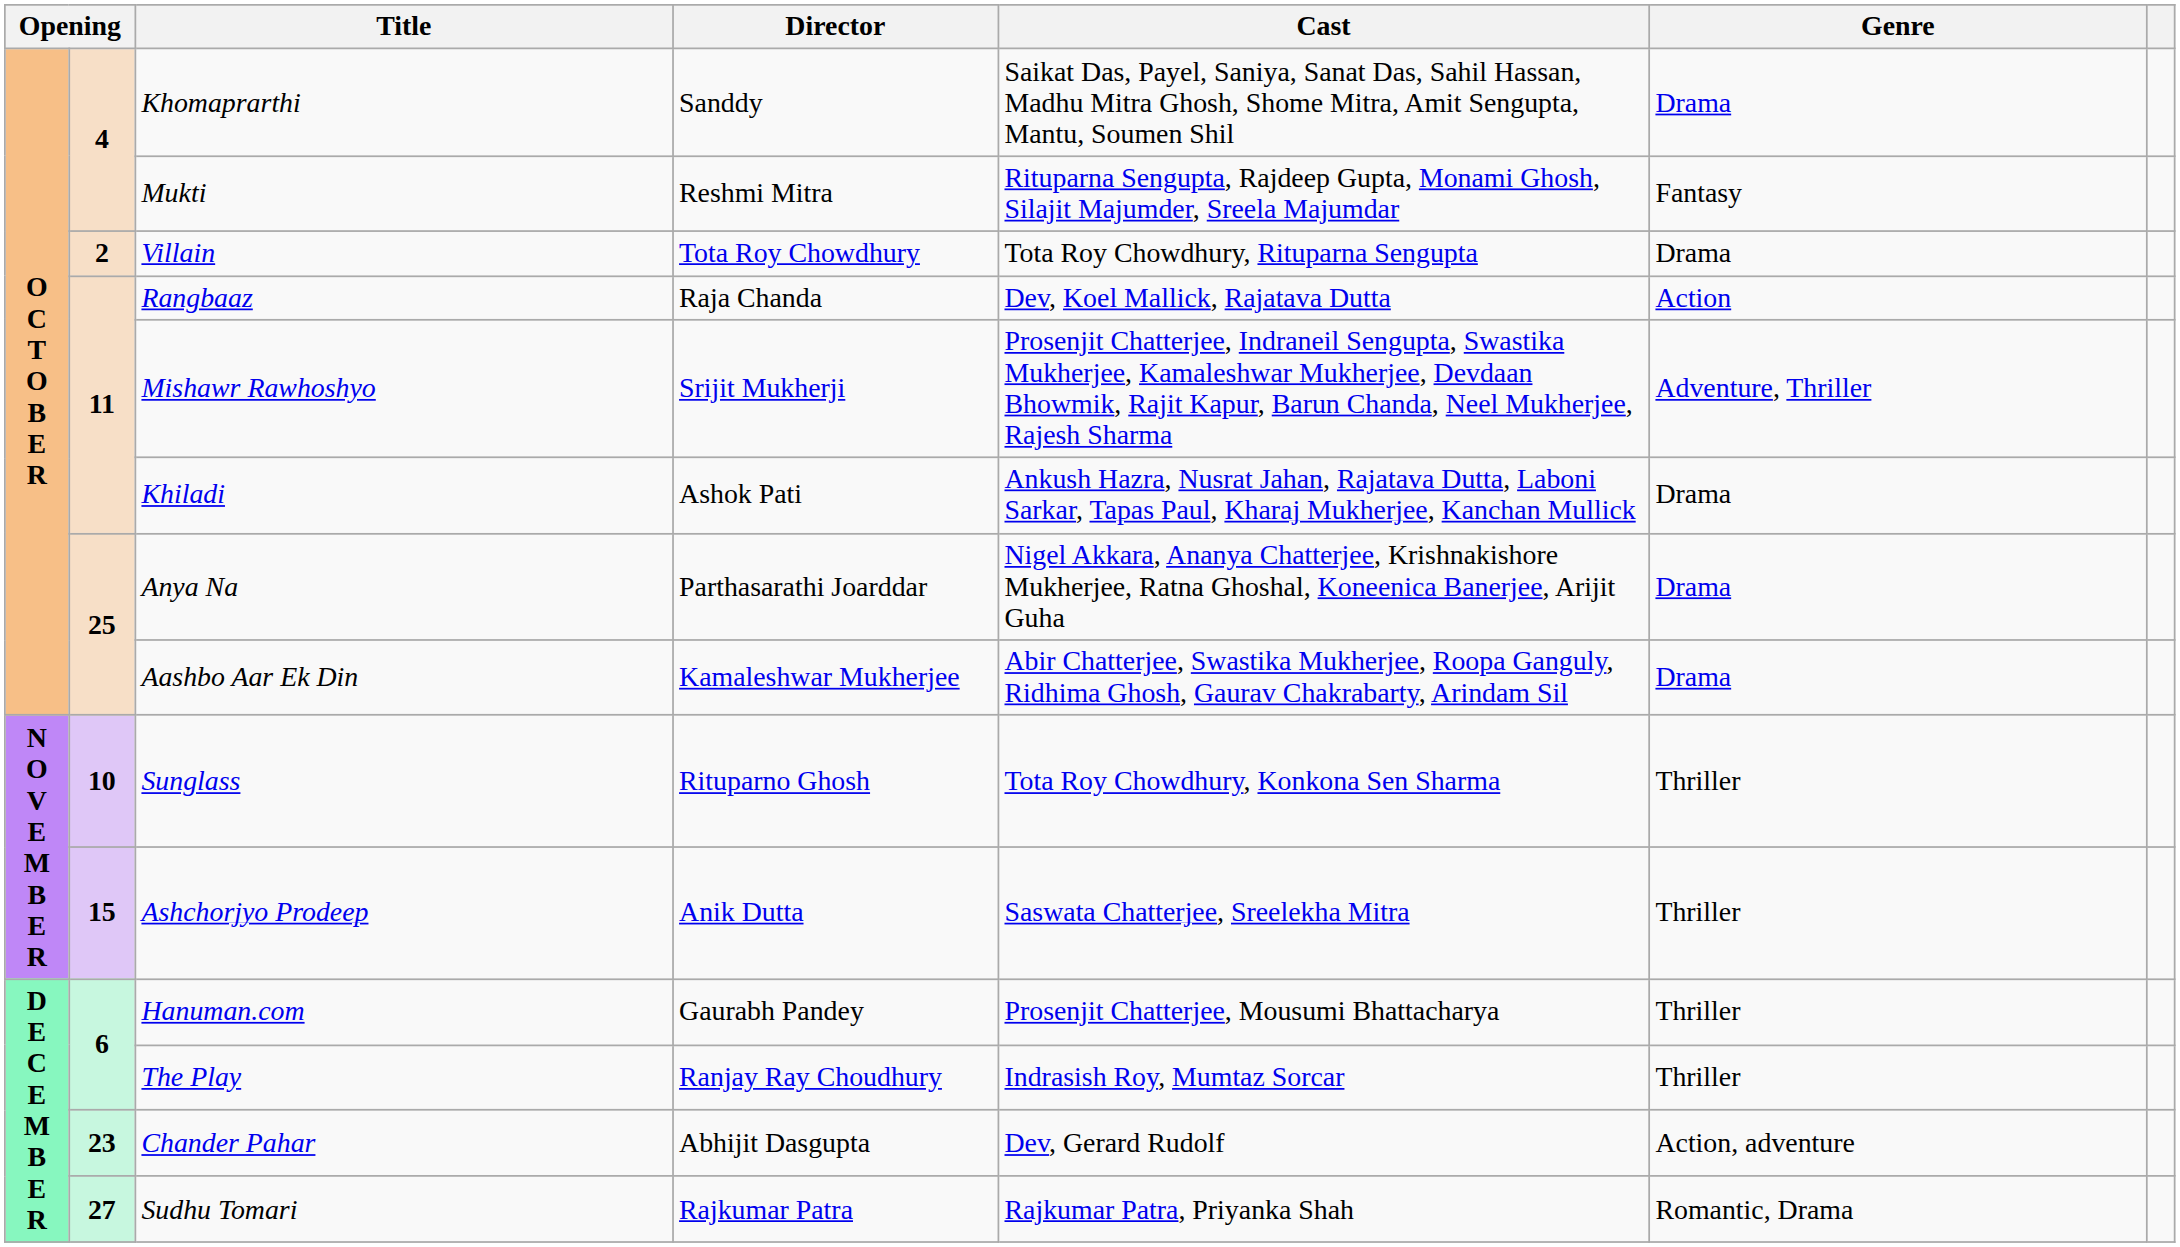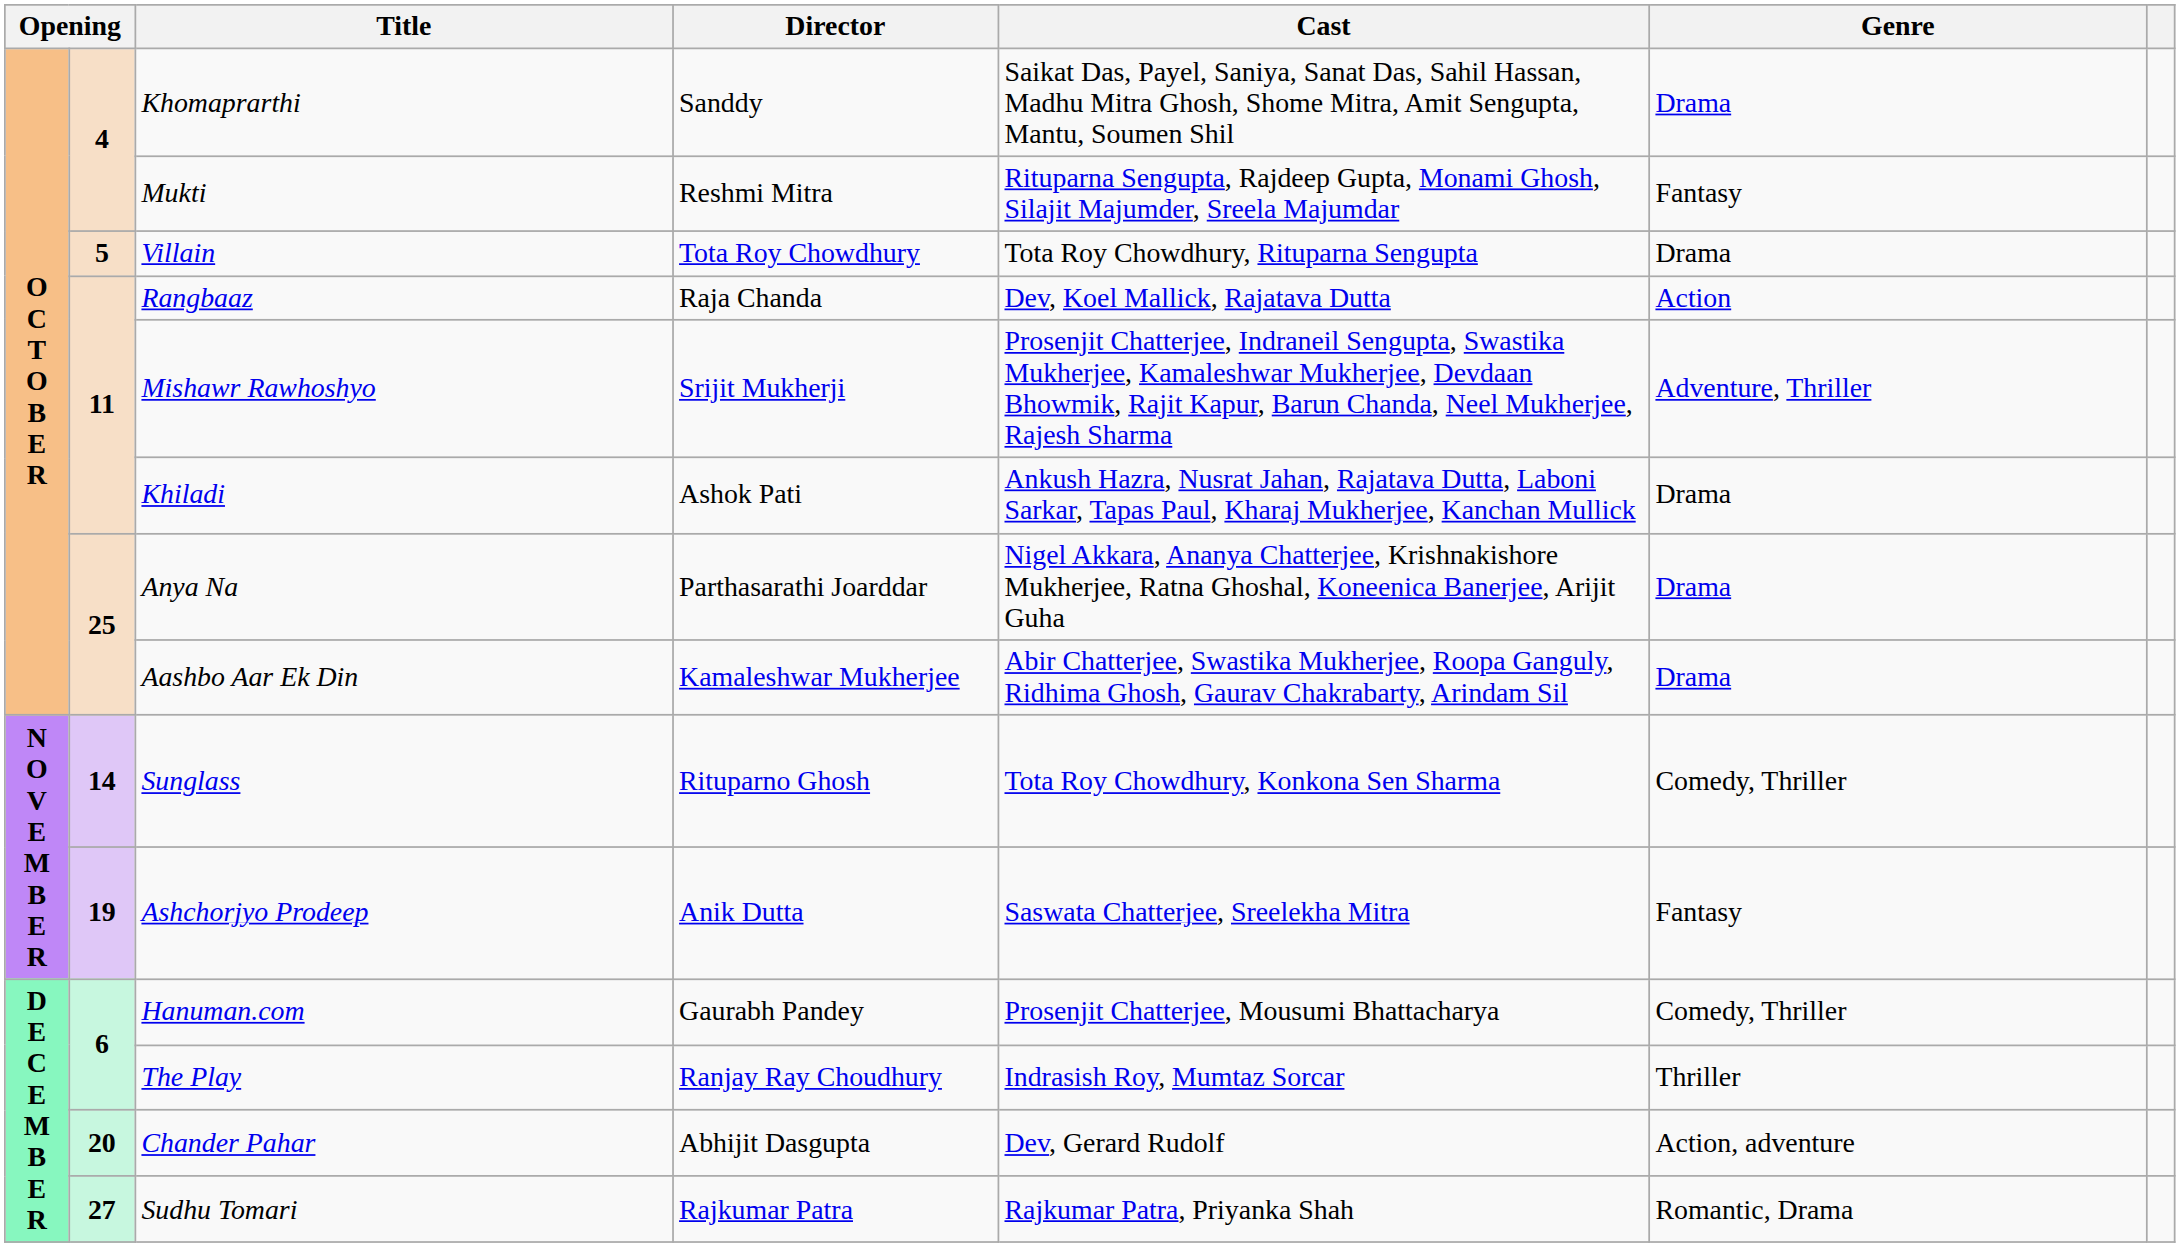 <table class="wikitable sortable">
 <tr>
 <th colspan="2" style="width:6%;">Opening</th>
 <th>Title</th>
 <th style="width:15%;">Director</th>
 <th style="width:30%;">Cast</th>
 <th>Genre</th>
 <th></th>
 </tr>
 <tr>
 <th rowspan="8" style="text-align:center; background:#f7bf87;">O<br>C<br>T<br>O<br>B<br>E<br>R</th>
 <td rowspan="2" style="text-align:center; textcolor:#000; background:#f7dfc7;"><strong>4</strong></td>
 <td><em>Khomaprarthi</em></td>
 <td>Sanddy</td>
 <td>Saikat Das, Payel, Saniya, Sanat Das, Sahil Hassan, Madhu Mitra Ghosh, Shome Mitra, Amit Sengupta, Mantu, Soumen Shil</td>
 <td><a href='#'>Drama</a></td>
 <td></td>
 </tr>
 <tr>
 <td><em>Mukti</em></td>
 <td>Reshmi Mitra</td>
 <td><a href='#'>Rituparna Sengupta</a>, Rajdeep Gupta, <a href='#'>Monami Ghosh</a>, <a href='#'>Silajit Majumder</a>, <a href='#'>Sreela Majumdar</a></td>
 <td>Fantasy</td>
 <td></td>
 </tr>
 <tr>
-<td style="text-align:center; textcolor:#000; background:#f7dfc7;"><strong>2</strong></td>
+<td style="text-align:center; textcolor:#000; background:#f7dfc7;"><strong>5</strong></td>
 <td><em><a href='#'>Villain</a></em></td>
 <td><a href='#'>Tota Roy Chowdhury</a></td>
 <td>Tota Roy Chowdhury, <a href='#'>Rituparna Sengupta</a></td>
 <td>Drama</td>
 <td></td>
 </tr>
 <tr>
 <td rowspan="3" style="text-align:center; textcolor:#000; background:#f7dfc7;"><strong>11</strong></td>
 <td><em><a href='#'>Rangbaaz</a></em></td>
 <td>Raja Chanda</td>
 <td><a href='#'>Dev</a>, <a href='#'>Koel Mallick</a>, <a href='#'>Rajatava Dutta</a></td>
 <td><a href='#'>Action</a></td>
 <td></td>
 </tr>
 <tr>
 <td><em><a href='#'>Mishawr Rawhoshyo</a></em></td>
 <td><a href='#'>Srijit Mukherji</a></td>
 <td><a href='#'>Prosenjit Chatterjee</a>, <a href='#'>Indraneil Sengupta</a>, <a href='#'>Swastika Mukherjee</a>, <a href='#'>Kamaleshwar Mukherjee</a>, <a href='#'>Devdaan Bhowmik</a>, <a href='#'>Rajit Kapur</a>, <a href='#'>Barun Chanda</a>, <a href='#'>Neel Mukherjee</a>, <a href='#'>Rajesh Sharma</a></td>
 <td><a href='#'>Adventure</a>, <a href='#'>Thriller</a></td>
 <td></td>
 </tr>
 <tr>
 <td><em><a href='#'>Khiladi</a></em></td>
 <td>Ashok Pati</td>
 <td><a href='#'>Ankush Hazra</a>, <a href='#'>Nusrat Jahan</a>, <a href='#'>Rajatava Dutta</a>, <a href='#'>Laboni Sarkar</a>, <a href='#'>Tapas Paul</a>, <a href='#'>Kharaj Mukherjee</a>, <a href='#'>Kanchan Mullick</a></td>
 <td>Drama</td>
 <td></td>
 </tr>
 <tr>
 <td rowspan="2" style="text-align:center; textcolor:#000; background:#f7dfc7;"><strong>25</strong></td>
 <td><em>Anya Na</em></td>
 <td>Parthasarathi Joarddar</td>
 <td><a href='#'>Nigel Akkara</a>, <a href='#'>Ananya Chatterjee</a>, Krishnakishore Mukherjee, Ratna Ghoshal, <a href='#'>Koneenica Banerjee</a>, Arijit Guha</td>
 <td><a href='#'>Drama</a></td>
 <td></td>
 </tr>
 <tr>
 <td><em>Aashbo Aar Ek Din</em></td>
 <td><a href='#'>Kamaleshwar Mukherjee</a></td>
 <td><a href='#'>Abir Chatterjee</a>, <a href='#'>Swastika Mukherjee</a>, <a href='#'>Roopa Ganguly</a>, <a href='#'>Ridhima Ghosh</a>, <a href='#'>Gaurav Chakrabarty</a>, <a href='#'>Arindam Sil</a></td>
 <td><a href='#'>Drama</a></td>
 <td></td>
 </tr>
 <tr>
 <th rowspan="2" style="text-align:center; background:#bf87f7; ">N<br>O<br>V<br>E<br>M<br>B<br>E<br>R</th>
-<td style="text-align:center; textcolor:#000; background:#dfc7f7;"><strong>10</strong></td>
+<td style="text-align:center; textcolor:#000; background:#dfc7f7;"><strong>14</strong></td>
 <td><em><a href='#'>Sunglass</a></em></td>
 <td><a href='#'>Rituparno Ghosh</a></td>
 <td><a href='#'>Tota Roy Chowdhury</a>, <a href='#'>Konkona Sen Sharma</a></td>
-<td>Thriller</td>
+<td>Comedy, Thriller</td>
 <td></td>
 </tr>
 <tr>
-<td style="text-align:center; textcolor:#000; background:#dfc7f7;"><strong>15</strong></td>
+<td style="text-align:center; textcolor:#000; background:#dfc7f7;"><strong>19</strong></td>
 <td><em><a href='#'>Ashchorjyo Prodeep</a></em></td>
 <td><a href='#'>Anik Dutta</a></td>
 <td><a href='#'>Saswata Chatterjee</a>, <a href='#'>Sreelekha Mitra</a></td>
-<td>Thriller</td>
+<td>Fantasy</td>
 <td></td>
 </tr>
 <tr>
 <th rowspan="4" style="text-align:center; background:#87f7bf;">D<br>E<br>C<br>E<br>M<br>B<br>E<br>R</th>
 <td rowspan="2" style="text-align:center; textcolor:#000; background:#c7f7df;"><strong>6</strong></td>
 <td><em><a href='#'>Hanuman.com</a></em></td>
 <td>Gaurabh Pandey</td>
 <td><a href='#'>Prosenjit Chatterjee</a>, Mousumi Bhattacharya</td>
-<td>Thriller</td>
+<td>Comedy, Thriller</td>
 <td></td>
 </tr>
 <tr>
 <td><em><a href='#'>The Play</a></em></td>
 <td><a href='#'>Ranjay Ray Choudhury</a></td>
 <td><a href='#'>Indrasish Roy</a>, <a href='#'>Mumtaz Sorcar</a></td>
 <td>Thriller</td>
 <td></td>
 </tr>
 <tr>
-<td style="text-align:center; textcolor:#000; background:#c7f7df;"><strong>23</strong></td>
+<td style="text-align:center; textcolor:#000; background:#c7f7df;"><strong>20</strong></td>
 <td><em><a href='#'>Chander Pahar</a></em></td>
 <td>Abhijit Dasgupta</td>
 <td><a href='#'>Dev</a>, Gerard Rudolf</td>
 <td>Action, adventure</td>
 <td></td>
 </tr>
 <tr>
 <td rowspan="2" style="text-align:center; textcolor:#000; background:#c7f7df;"><strong>27</strong></td>
 <td><em>Sudhu Tomari</em></td>
 <td><a href='#'>Rajkumar Patra</a></td>
 <td><a href='#'>Rajkumar Patra</a>, Priyanka Shah</td>
 <td>Romantic, Drama</td>
 <td></td>
 </tr>
 </table>
